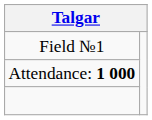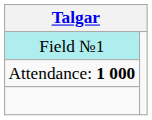 <table class="wikitable" style="text-align:center;">
 <tr>
 <th colspan=2 align="center"><a href='#'>Talgar</a></th>
 </tr>
 <tr>
-<td>Field №1</td>
+<td style="background: paleturquoise;">Field №1</td>
 <td rowspan=3 align="center"></td>
 </tr>
 <tr>
 <td>Attendance: <strong>1 000</strong></td>
 </tr>
 <tr>
 <td> </td>
 </tr>
 </table>
